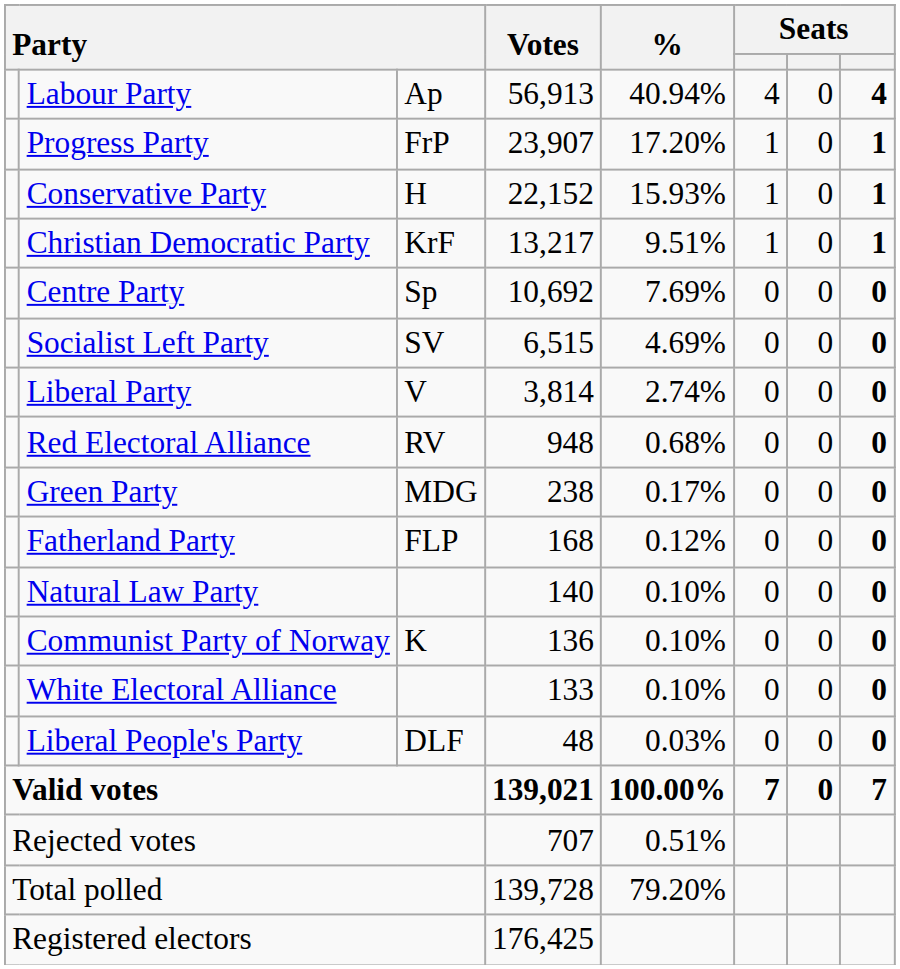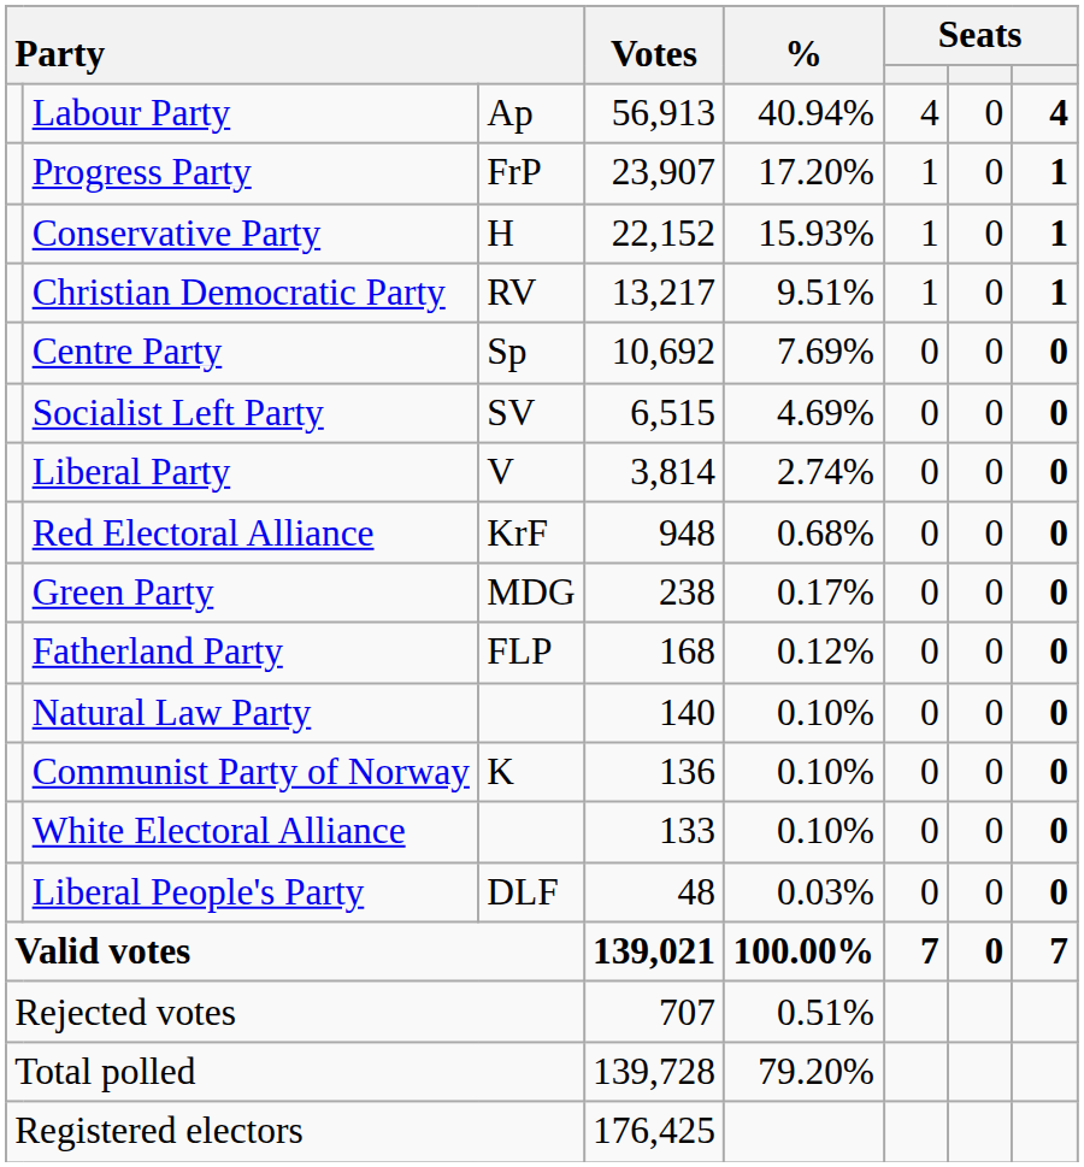 <table class="wikitable" border="1" style="text-align:right;">
 <tr>
 <th style="text-align:left;" valign=bottom rowspan=2 colspan=3>Party</th>
 <th align=center valign=bottom rowspan=2 width="50">Votes</th>
 <th align=center valign=bottom rowspan=2 width="50">%</th>
 <th colspan=3>Seats</th>
 </tr>
 <tr>
 <th align=center valign=bottom width="20"><small></small></th>
 <th align=center valign=bottom width="20"><small><a href='#'></a></small></th>
 <th align=center valign=bottom width="20"><small></small></th>
 </tr>
 <tr>
 <td style="color:inherit;background:"></td>
 <td align=left><a href='#'>Labour Party</a></td>
 <td align=left>Ap</td>
 <td>56,913</td>
 <td>40.94%</td>
 <td>4</td>
 <td>0</td>
 <td><strong>4</strong></td>
 </tr>
 <tr>
 <td style="color:inherit;background:"></td>
 <td align=left><a href='#'>Progress Party</a></td>
 <td align=left>FrP</td>
 <td>23,907</td>
 <td>17.20%</td>
 <td>1</td>
 <td>0</td>
 <td><strong>1</strong></td>
 </tr>
 <tr>
 <td style="color:inherit;background:"></td>
 <td align=left><a href='#'>Conservative Party</a></td>
 <td align=left>H</td>
 <td>22,152</td>
 <td>15.93%</td>
 <td>1</td>
 <td>0</td>
 <td><strong>1</strong></td>
 </tr>
 <tr>
 <td style="color:inherit;background:"></td>
 <td align=left><a href='#'>Christian Democratic Party</a></td>
-<td align=left>KrF</td>
+<td align=left>RV</td>
 <td>13,217</td>
 <td>9.51%</td>
 <td>1</td>
 <td>0</td>
 <td><strong>1</strong></td>
 </tr>
 <tr>
 <td style="color:inherit;background:"></td>
 <td align=left><a href='#'>Centre Party</a></td>
 <td align=left>Sp</td>
 <td>10,692</td>
 <td>7.69%</td>
 <td>0</td>
 <td>0</td>
 <td><strong>0</strong></td>
 </tr>
 <tr>
 <td style="color:inherit;background:"></td>
 <td align=left><a href='#'>Socialist Left Party</a></td>
 <td align=left>SV</td>
 <td>6,515</td>
 <td>4.69%</td>
 <td>0</td>
 <td>0</td>
 <td><strong>0</strong></td>
 </tr>
 <tr>
 <td style="color:inherit;background:"></td>
 <td align=left><a href='#'>Liberal Party</a></td>
 <td align=left>V</td>
 <td>3,814</td>
 <td>2.74%</td>
 <td>0</td>
 <td>0</td>
 <td><strong>0</strong></td>
 </tr>
 <tr>
 <td style="color:inherit;background:"></td>
 <td align=left><a href='#'>Red Electoral Alliance</a></td>
-<td align=left>RV</td>
+<td align=left>KrF</td>
 <td>948</td>
 <td>0.68%</td>
 <td>0</td>
 <td>0</td>
 <td><strong>0</strong></td>
 </tr>
 <tr>
 <td style="color:inherit;background:"></td>
 <td align=left><a href='#'>Green Party</a></td>
 <td align=left>MDG</td>
 <td>238</td>
 <td>0.17%</td>
 <td>0</td>
 <td>0</td>
 <td><strong>0</strong></td>
 </tr>
 <tr>
 <td style="color:inherit;background:"></td>
 <td align=left><a href='#'>Fatherland Party</a></td>
 <td align=left>FLP</td>
 <td>168</td>
 <td>0.12%</td>
 <td>0</td>
 <td>0</td>
 <td><strong>0</strong></td>
 </tr>
 <tr>
 <td></td>
 <td align=left><a href='#'>Natural Law Party</a></td>
 <td align=left></td>
 <td>140</td>
 <td>0.10%</td>
 <td>0</td>
 <td>0</td>
 <td><strong>0</strong></td>
 </tr>
 <tr>
 <td style="color:inherit;background:"></td>
 <td align=left><a href='#'>Communist Party of Norway</a></td>
 <td align=left>K</td>
 <td>136</td>
 <td>0.10%</td>
 <td>0</td>
 <td>0</td>
 <td><strong>0</strong></td>
 </tr>
 <tr>
 <td style="color:inherit;background:"></td>
 <td align=left><a href='#'>White Electoral Alliance</a></td>
 <td align=left></td>
 <td>133</td>
 <td>0.10%</td>
 <td>0</td>
 <td>0</td>
 <td><strong>0</strong></td>
 </tr>
 <tr>
 <td style="color:inherit;background:"></td>
 <td align=left><a href='#'>Liberal People's Party</a></td>
 <td align=left>DLF</td>
 <td>48</td>
 <td>0.03%</td>
 <td>0</td>
 <td>0</td>
 <td><strong>0</strong></td>
 </tr>
 <tr style="font-weight:bold">
 <td align=left colspan=3>Valid votes</td>
 <td>139,021</td>
 <td>100.00%</td>
 <td>7</td>
 <td>0</td>
 <td>7</td>
 </tr>
 <tr>
 <td align=left colspan=3>Rejected votes</td>
 <td>707</td>
 <td>0.51%</td>
 <td></td>
 <td></td>
 <td></td>
 </tr>
 <tr>
 <td align=left colspan=3>Total polled</td>
 <td>139,728</td>
 <td>79.20%</td>
 <td></td>
 <td></td>
 <td></td>
 </tr>
 <tr>
 <td align=left colspan=3>Registered electors</td>
 <td>176,425</td>
 <td></td>
 <td></td>
 <td></td>
 <td></td>
 </tr>
 </table>
